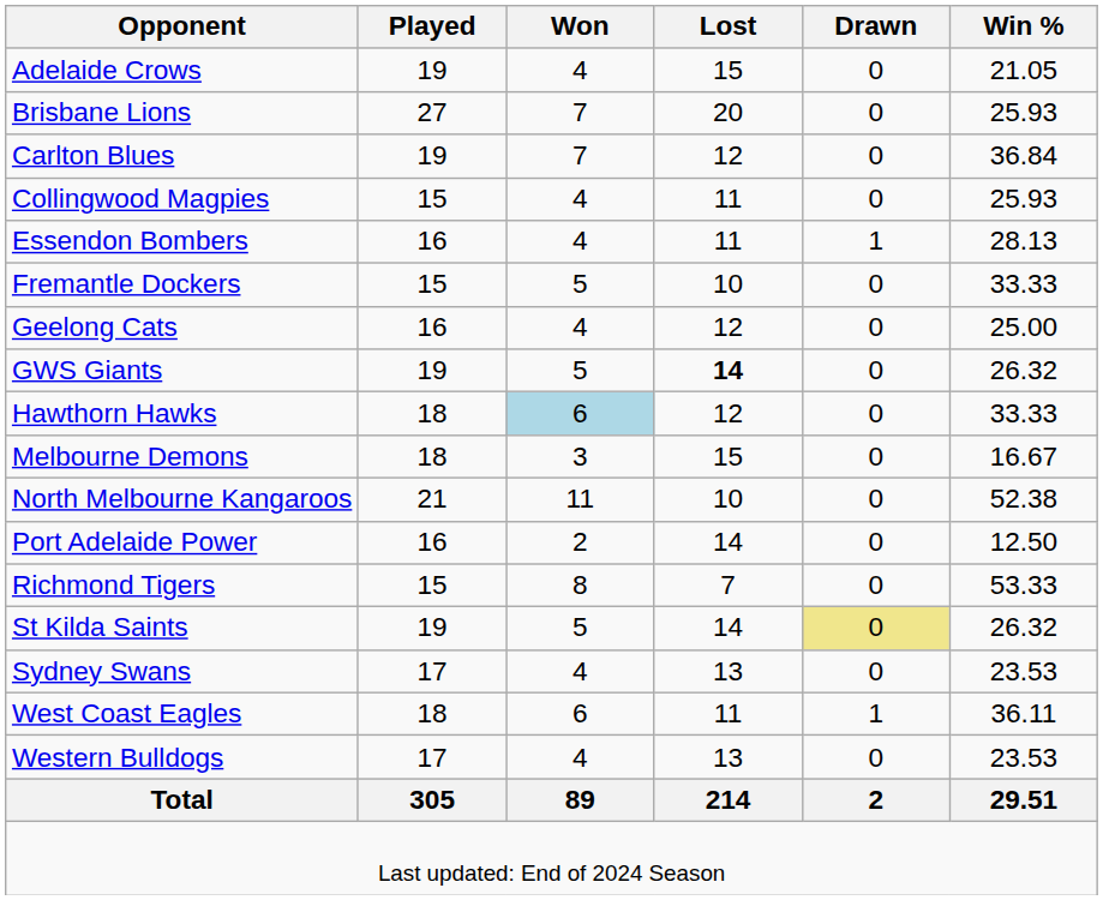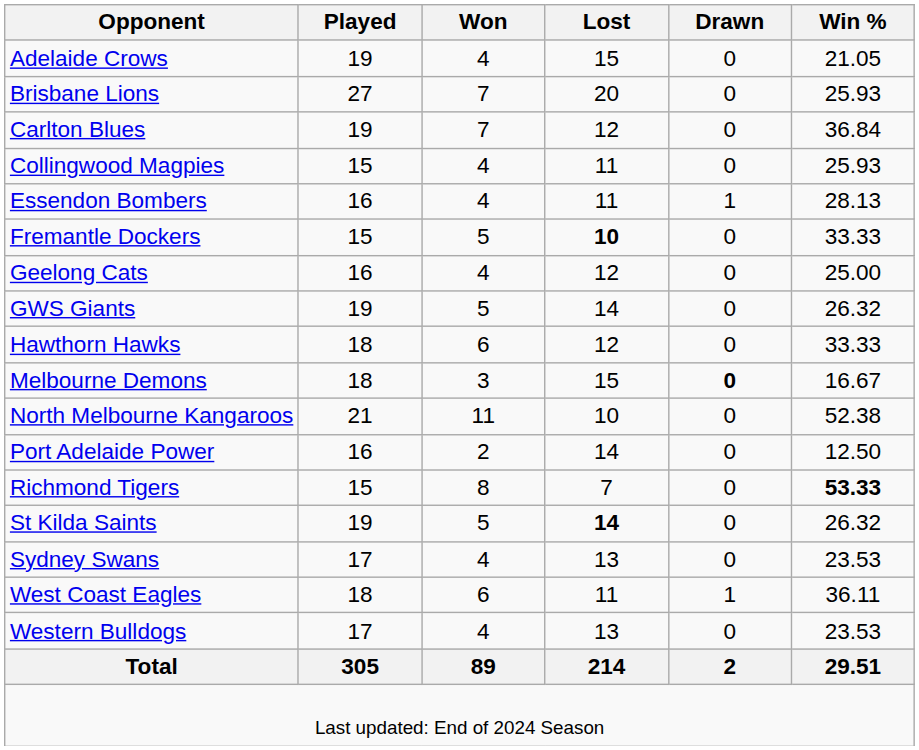 <table class="wikitable sortable" style="text-align:center;">
 <tr>
 <th>Opponent</th>
 <th style="width:5em">Played</th>
 <th style="width:5em">Won</th>
 <th style="width:5em">Lost</th>
 <th style="width:5em">Drawn</th>
 <th style="width:5em">Win %</th>
 </tr>
 <tr>
 <td style="text-align:left;"><a href='#'>Adelaide Crows</a></td>
 <td>19</td>
 <td>4</td>
 <td>15</td>
 <td>0</td>
 <td>21.05</td>
 </tr>
 <tr>
 <td style="text-align:left;"><a href='#'>Brisbane Lions</a></td>
 <td>27</td>
 <td>7</td>
 <td>20</td>
 <td>0</td>
 <td>25.93</td>
 </tr>
 <tr>
 <td style="text-align:left;"><a href='#'>Carlton Blues</a></td>
 <td>19</td>
 <td>7</td>
 <td>12</td>
 <td>0</td>
 <td>36.84</td>
 </tr>
 <tr>
 <td style="text-align:left;"><a href='#'>Collingwood Magpies</a></td>
 <td>15</td>
 <td>4</td>
 <td>11</td>
 <td>0</td>
 <td>25.93</td>
 </tr>
 <tr>
 <td style="text-align:left;"><a href='#'>Essendon Bombers</a></td>
 <td>16</td>
 <td>4</td>
 <td>11</td>
 <td>1</td>
 <td>28.13</td>
 </tr>
 <tr>
 <td style="text-align:left;"><a href='#'>Fremantle Dockers</a></td>
 <td>15</td>
 <td>5</td>
-<td>10</td>
+<td><strong>10</strong></td>
 <td>0</td>
 <td>33.33</td>
 </tr>
 <tr>
 <td style="text-align:left;"><a href='#'>Geelong Cats</a></td>
 <td>16</td>
 <td>4</td>
 <td>12</td>
 <td>0</td>
 <td>25.00</td>
 </tr>
 <tr>
 <td style="text-align:left;"><a href='#'>GWS Giants</a></td>
 <td>19</td>
 <td>5</td>
-<td><strong>14</strong></td>
+<td>14</td>
 <td>0</td>
 <td>26.32</td>
 </tr>
 <tr>
 <td style="text-align:left;"><a href='#'>Hawthorn Hawks</a></td>
 <td>18</td>
-<td style="background: lightblue;">6</td>
+<td>6</td>
 <td>12</td>
 <td>0</td>
 <td>33.33</td>
 </tr>
 <tr>
 <td style="text-align:left;"><a href='#'>Melbourne Demons</a></td>
 <td>18</td>
 <td>3</td>
 <td>15</td>
-<td>0</td>
+<td><strong>0</strong></td>
 <td>16.67</td>
 </tr>
 <tr>
 <td style="text-align:left;"><a href='#'>North Melbourne Kangaroos</a></td>
 <td>21</td>
 <td>11</td>
 <td>10</td>
 <td>0</td>
 <td>52.38</td>
 </tr>
 <tr>
 <td style="text-align:left;"><a href='#'>Port Adelaide Power</a></td>
 <td>16</td>
 <td>2</td>
 <td>14</td>
 <td>0</td>
 <td>12.50</td>
 </tr>
 <tr>
 <td style="text-align:left;"><a href='#'>Richmond Tigers</a></td>
 <td>15</td>
 <td>8</td>
 <td>7</td>
 <td>0</td>
-<td>53.33</td>
+<td><strong>53.33</strong></td>
 </tr>
 <tr>
 <td style="text-align:left;"><a href='#'>St Kilda Saints</a></td>
 <td>19</td>
 <td>5</td>
-<td>14</td>
-<td style="background: khaki;">0</td>
+<td><strong>14</strong></td>
+<td>0</td>
 <td>26.32</td>
 </tr>
 <tr>
 <td style="text-align:left;"><a href='#'>Sydney Swans</a></td>
 <td>17</td>
 <td>4</td>
 <td>13</td>
 <td>0</td>
 <td>23.53</td>
 </tr>
 <tr>
 <td style="text-align:left;"><a href='#'>West Coast Eagles</a></td>
 <td>18</td>
 <td>6</td>
 <td>11</td>
 <td>1</td>
 <td>36.11</td>
 </tr>
 <tr>
 <td style="text-align:left;"><a href='#'>Western Bulldogs</a></td>
 <td>17</td>
 <td>4</td>
 <td>13</td>
 <td>0</td>
 <td>23.53</td>
 </tr>
 <tr class="sortbottom">
 <th><strong>Total</strong></th>
 <th><strong>305</strong></th>
 <th><strong>89</strong></th>
 <th><strong>214</strong></th>
 <th><strong>2</strong></th>
 <th><strong>29.51</strong></th>
 </tr>
 <tr class="sortbottom">
 <td colspan=9><br><small>Last updated: End of 2024 Season</small></td>
 </tr>
 </table>
